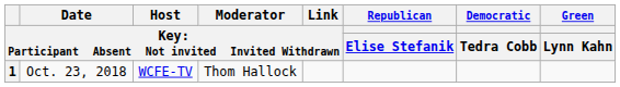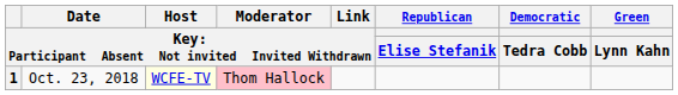 <table class="wikitable" style="text-align:center;">
 <tr>
 <th scope="col"></th>
 <th scope="col">Date</th>
 <th scope="col">Host</th>
 <th scope="col">Moderator</th>
 <th scope="col">Link</th>
 <th scope="col"><small><a href='#'>Republican</a></small></th>
 <th scope="col"><small><a href='#'>Democratic</a></small></th>
 <th scope="col"><small><a href='#'>Green</a></small></th>
 </tr>
 <tr>
 <th colspan="5" rowspan="2">Key:<br> <small>Participant </small>  <small>Absent </small>  <small>Not invited </small>  <small>Invited  Withdrawn</small></th>
 <th scope="col" style="background:"></th>
 <th scope="col" style="background:"></th>
 <th scope="col" style="background:"></th>
 </tr>
 <tr>
 <th scope="col"><a href='#'>Elise Stefanik</a></th>
 <th scope="col">Tedra Cobb</th>
 <th scope="col">Lynn Kahn</th>
 </tr>
 <tr>
 <th>1</th>
 <td style="white-space:nowrap;">Oct. 23, 2018</td>
-<td style="white-space:nowrap;"><a href='#'>WCFE-TV</a></td>
-<td style="white-space:nowrap;">Thom Hallock</td>
+<td style="background: lightyellow; white-space:nowrap;"><a href='#'>WCFE-TV</a></td>
+<td style="background: pink; white-space:nowrap;">Thom Hallock</td>
 <td style="white-space:nowrap;"></td>
 <td></td>
 <td></td>
 <td></td>
 </tr>
 </table>
